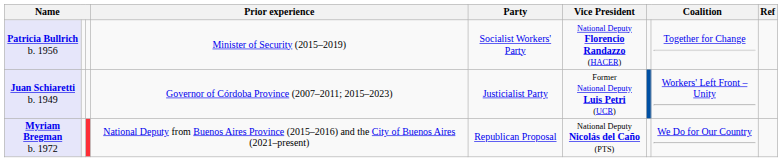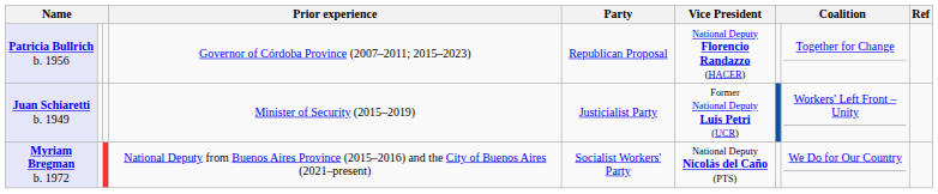 <table class="wikitable sortable" style="text-align:center;">
 <tr>
 <th scope="col" colspan=3>Name<br></th>
 <th class="unsortable">Prior experience</th>
 <th>Party</th>
 <th>Vice President</th>
 <th scope="col" colspan=2>Coalition</th>
 <th>Ref</th>
 </tr>
 <tr>
 <td style="background:lavender;" data-sort-value="Bullrich, Patricia"><strong><a href='#'>Patricia Bullrich</a></strong><br>b. 1956 </td>
 <td></td>
 <td style="background:"></td>
-<td><a href='#'>Minister of Security</a> (2015–2019)<br></td>
-<td> <a href='#'>Socialist Workers' Party</a></td>
+<td><a href='#'>Governor of Córdoba Province</a> (2007–2011; 2015–2023)<br></td>
+<td> <a href='#'>Republican Proposal</a></td>
 <td><small><a href='#'>National Deputy</a></small><br><strong><a href='#'>Florencio Randazzo</a></strong><br><small>(<a href='#'>HACER</a>)</small></td>
 <td style="background:"></td>
 <td> <a href='#'>Together for Change</a><hr></td>
 <td></td>
 </tr>
 <tr>
 <td style="background:lavender;" data-sort-value="Schiaretti, Juan"><strong><a href='#'>Juan Schiaretti</a></strong><br>b. 1949 </td>
 <td></td>
 <td style="background:"></td>
-<td><a href='#'>Governor of Córdoba Province</a> (2007–2011; 2015–2023)<br></td>
+<td><a href='#'>Minister of Security</a> (2015–2019)<br></td>
 <td> <a href='#'>Justicialist Party</a></td>
 <td><small>Former<br><a href='#'>National Deputy</a></small><br><strong><a href='#'>Luis Petri</a></strong><br><small>(<a href='#'>UCR</a>)</small></td>
 <td style="background:#0050A3;"></td>
 <td> <a href='#'>Workers' Left Front – Unity</a><hr></td>
 <td></td>
 </tr>
 <tr>
 <td style="background:lavender;" data-sort-value="Bregman, Myriam"><strong><a href='#'>Myriam Bregman</a></strong><br>b. 1972 </td>
 <td></td>
 <td style="background:#FD2E36;"></td>
 <td><a href='#'>National Deputy</a> from <a href='#'>Buenos Aires Province</a> (2015–2016) and the <a href='#'>City of Buenos Aires</a> (2021–present)<br></td>
-<td> <a href='#'>Republican Proposal</a></td>
+<td> <a href='#'>Socialist Workers' Party</a></td>
 <td><small>National Deputy</small><br><strong><a href='#'>Nicolás del Caño</a></strong><br><small>(PTS)</small></td>
 <td style="background:"></td>
 <td> <a href='#'>We Do for Our Country</a><hr></td>
 <td></td>
 </tr>
 </table>
